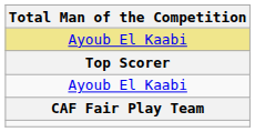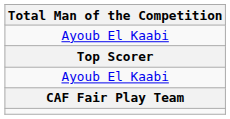 <table class="wikitable" style="margin:auto;text-align:center">
 <tr>
 <th>Total Man of the Competition</th>
 </tr>
 <tr>
-<td style="background: khaki;"> <a href='#'>Ayoub El Kaabi</a></td>
+<td> <a href='#'>Ayoub El Kaabi</a></td>
 </tr>
 <tr>
 <th colspan="3">Top Scorer</th>
 </tr>
 <tr>
 <td colspan="3"> <a href='#'>Ayoub El Kaabi</a> </td>
 </tr>
 <tr>
 <th colspan="3">CAF Fair Play Team</th>
 </tr>
 <tr>
 <td colspan="3"></td>
 </tr>
 </table>
